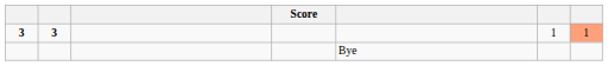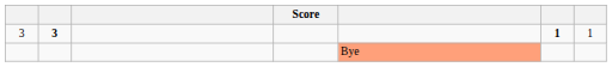 <table class="wikitable" style="text-align: center; font-size:90%" |>
 <tr>
 <th width="35"></th>
 <th width="35"></th>
 <th width="250"></th>
 <th width="75">Score</th>
 <th width="250"></th>
 <th width="35"></th>
 <th width="35"></th>
 </tr>
 <tr>
-<td><strong>3</strong></td>
+<td>3</td>
 <td><strong>3</strong></td>
 <td style="text-align:left;"></td>
 <td></td>
 <td style="text-align:left;"><strong></strong></td>
+<td><strong>1</strong></td>
 <td>1</td>
-<td style="background: lightsalmon;">1</td>
 </tr>
 <tr>
 <td></td>
 <td></td>
 <td style="text-align:left;"></td>
 <td></td>
-<td style="text-align:left;">Bye</td>
+<td style="background: lightsalmon; text-align:left;">Bye</td>
 <td></td>
 <td></td>
 </tr>
 </table>
